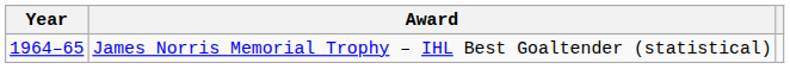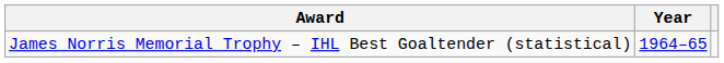 <table class="wikitable">
 <tr>
+<th>Award</th>
 <th>Year</th>
-<th>Award</th>
 <th></th>
 </tr>
 <tr>
+<td><a href='#'>James Norris Memorial Trophy</a> – <a href='#'>IHL</a> Best Goaltender (statistical)</td>
 <td><a href='#'>1964–65</a></td>
-<td><a href='#'>James Norris Memorial Trophy</a> – <a href='#'>IHL</a> Best Goaltender (statistical)</td>
 <td></td>
 </tr>
 </table>
